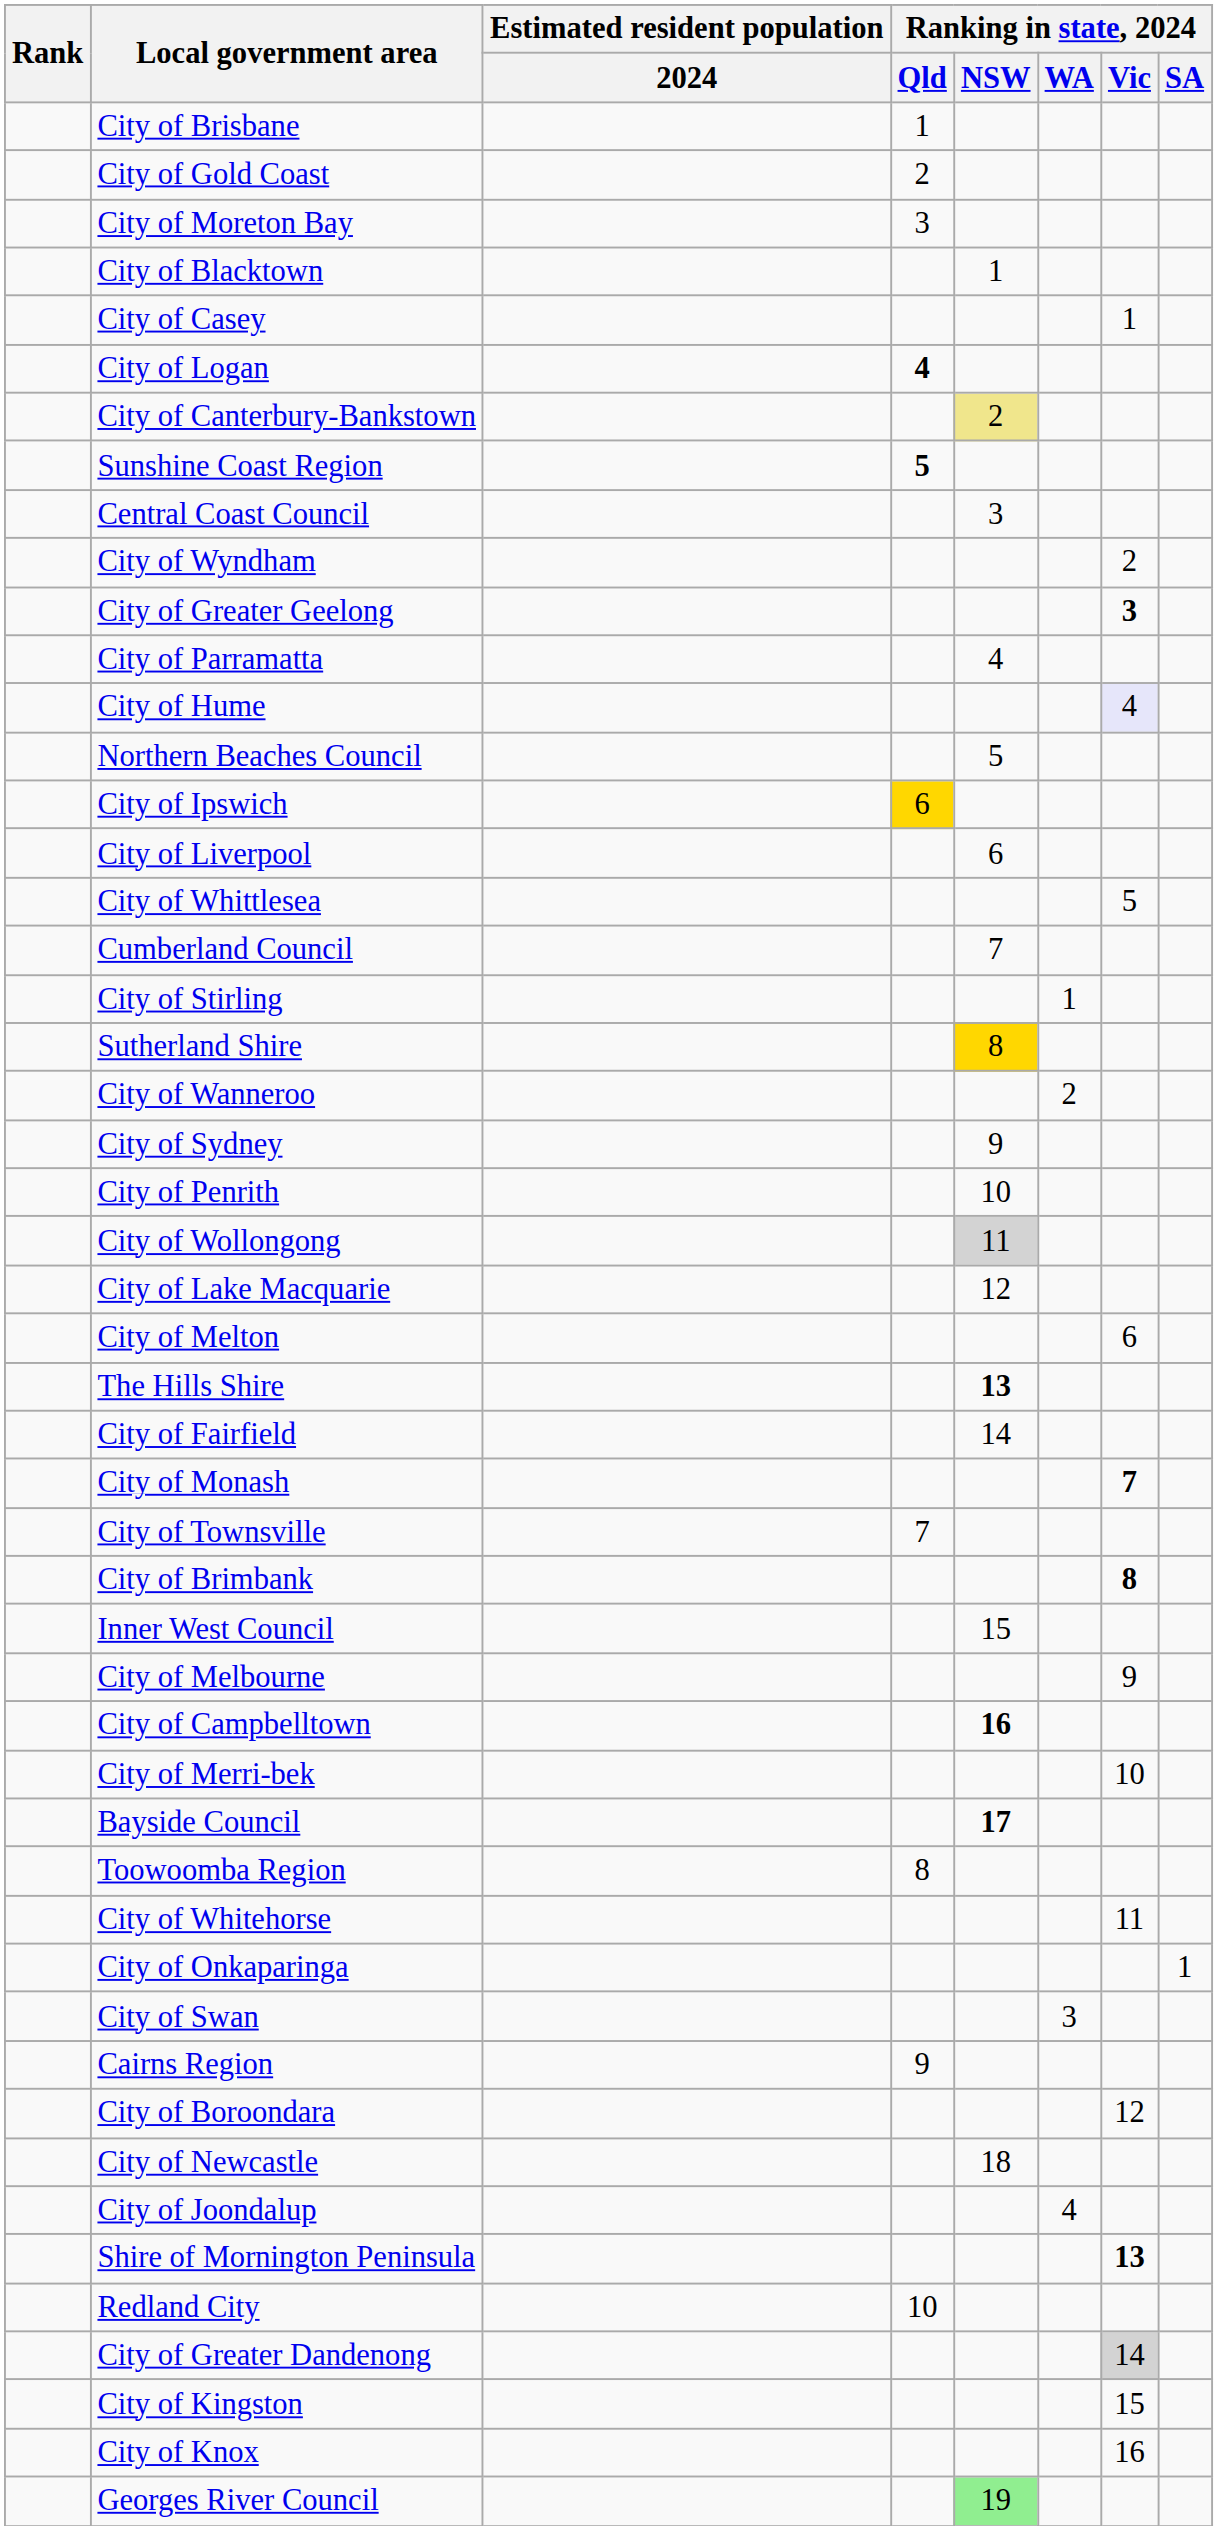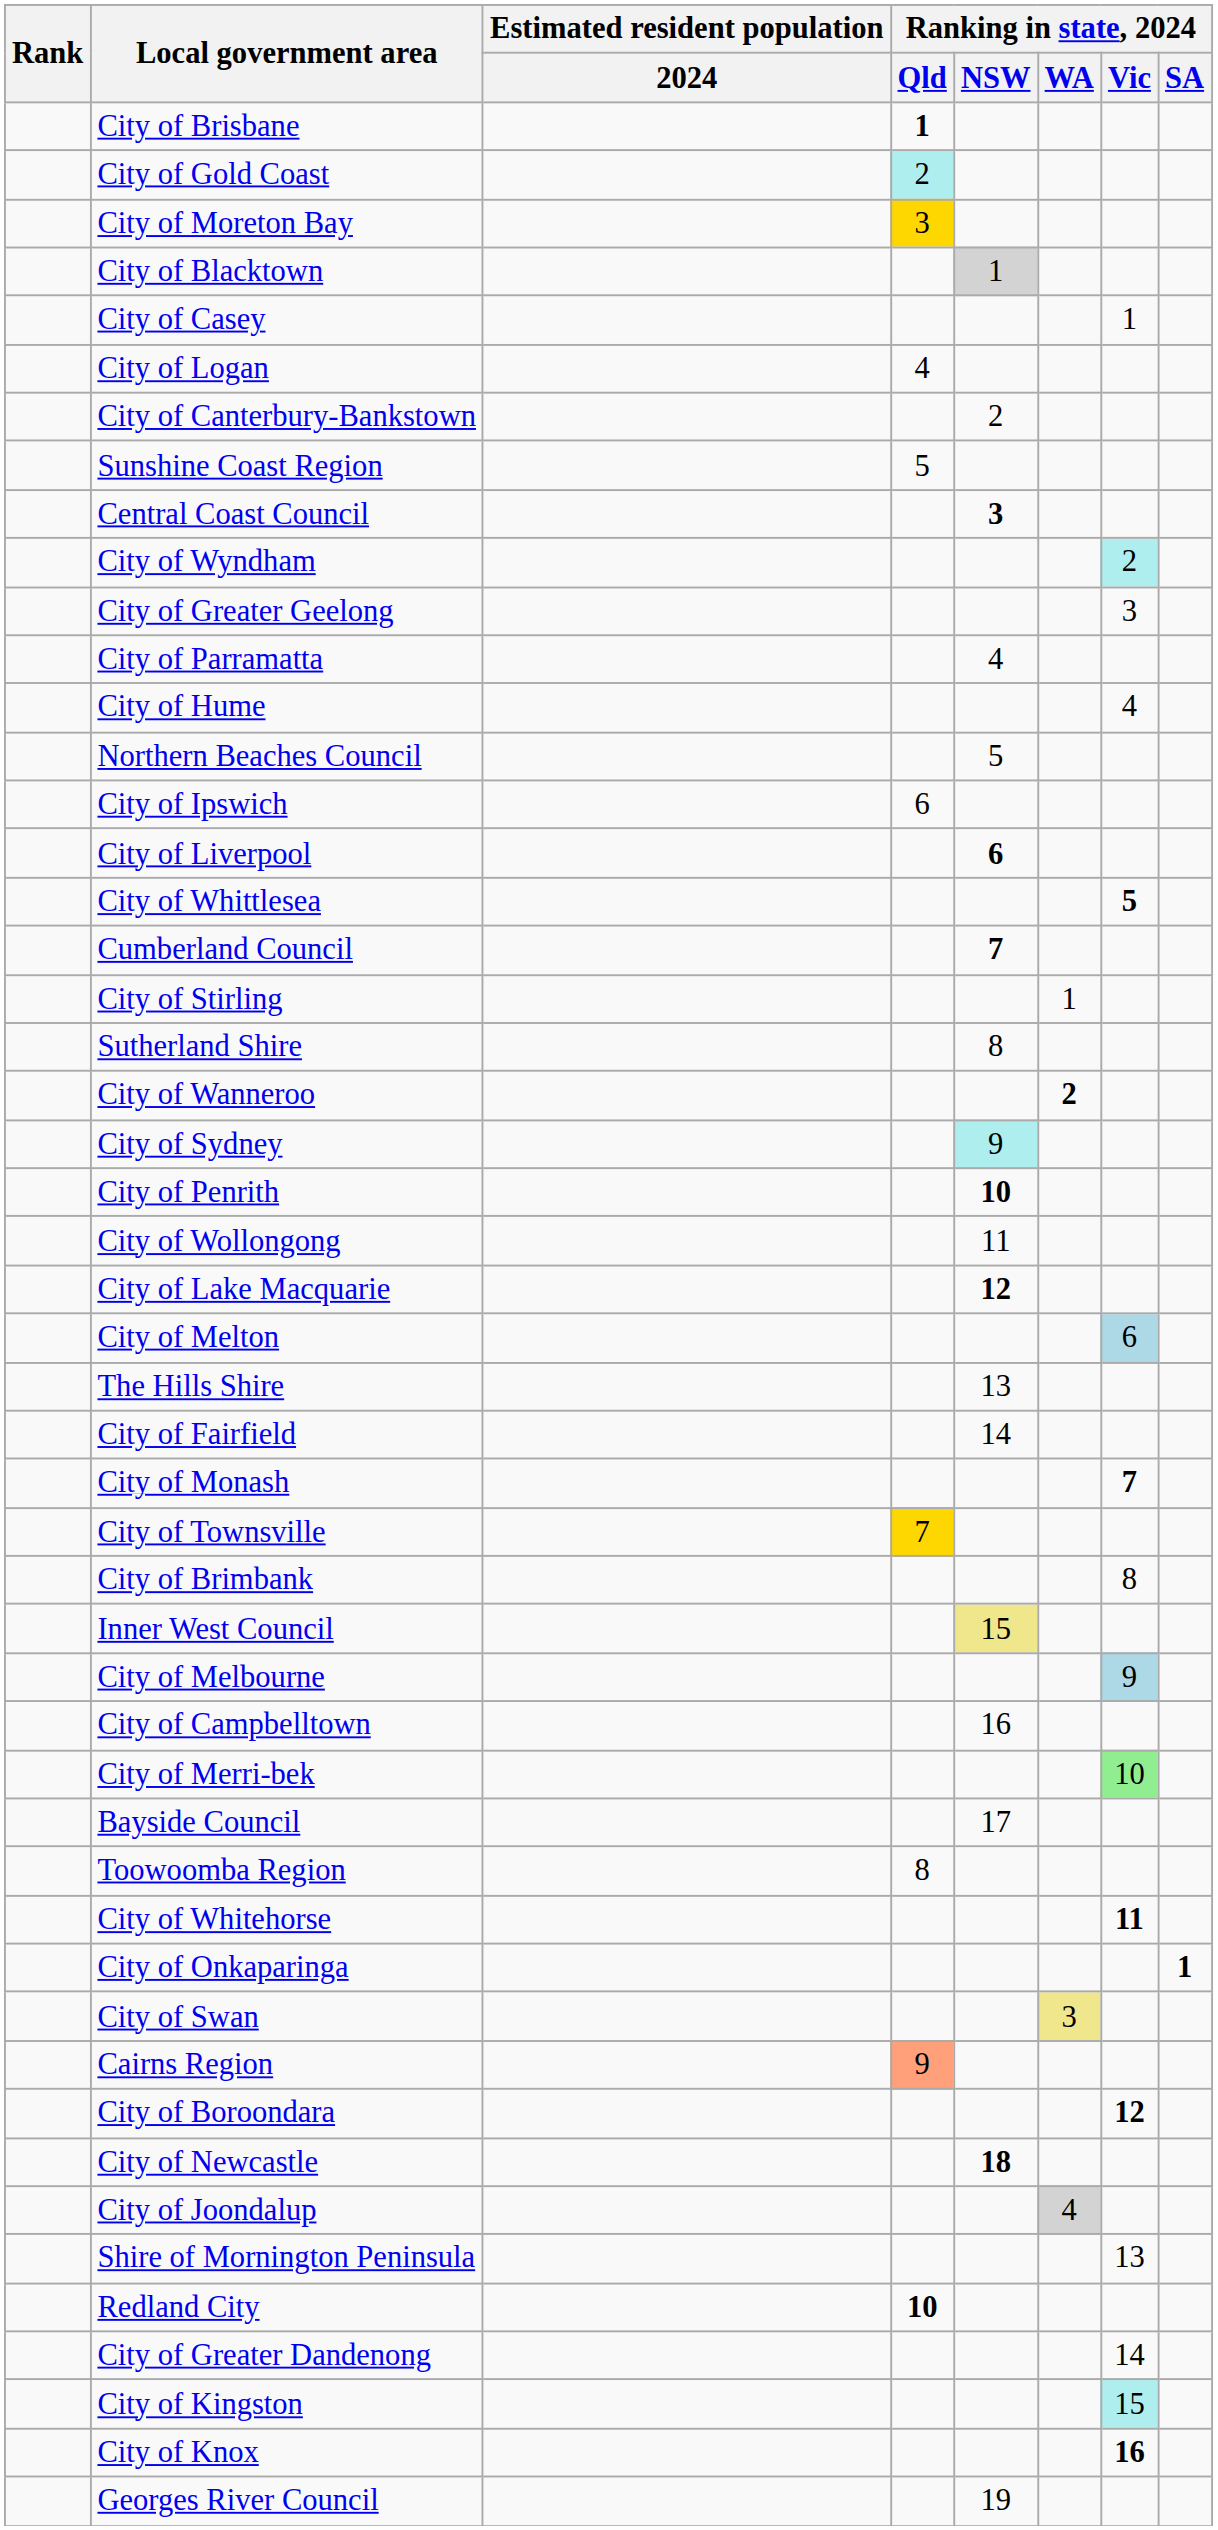 <table class="wikitable sortable plainrowheaders" style="text-align:center;">
 <tr>
 <th scope="col" colspan=1 rowspan=2>Rank</th>
 <th scope="col" rowspan=2>Local government area</th>
 <th scope="col" colspan=1>Estimated resident population</th>
 <th scope="col" colspan=5>Ranking in <a href='#'>state</a>, 2024</th>
 </tr>
 <tr>
 <th scope="col">2024</th>
 <th scope="col"><a href='#'>Qld</a></th>
 <th scope="col"><a href='#'>NSW</a></th>
 <th scope="col"><a href='#'>WA</a></th>
 <th scope="col"><a href='#'>Vic</a></th>
 <th scope="col"><a href='#'>SA</a></th>
 </tr>
 <tr>
 <td align="right"></td>
 <td align="left"><a href='#'>City of Brisbane</a></td>
 <td align="right"></td>
-<td>1</td>
+<td><strong>1</strong></td>
 <td></td>
 <td></td>
 <td></td>
 <td></td>
 </tr>
 <tr>
 <td align="right"></td>
 <td align="left"><a href='#'>City of Gold Coast</a></td>
 <td align="right"></td>
-<td>2</td>
+<td style="background: paleturquoise;">2</td>
 <td></td>
 <td></td>
 <td></td>
 <td></td>
 </tr>
 <tr>
 <td align="right"></td>
 <td align="left"><a href='#'>City of Moreton Bay</a></td>
 <td align="right"></td>
-<td>3</td>
+<td style="background: gold;">3</td>
 <td></td>
 <td></td>
 <td></td>
 <td></td>
 </tr>
 <tr>
 <td align="right"></td>
 <td align="left"><a href='#'>City of Blacktown</a></td>
 <td align="right"></td>
 <td></td>
-<td>1</td>
+<td style="background: lightgrey;">1</td>
 <td></td>
 <td></td>
 <td></td>
 </tr>
 <tr>
 <td align="right"></td>
 <td align="left"><a href='#'>City of Casey</a></td>
 <td align="right"></td>
 <td></td>
 <td></td>
 <td></td>
 <td>1</td>
 <td></td>
 </tr>
 <tr>
 <td align="right"></td>
 <td align="left"><a href='#'>City of Logan</a></td>
 <td align="right"></td>
-<td><strong>4</strong></td>
+<td>4</td>
 <td></td>
 <td></td>
 <td></td>
 <td></td>
 </tr>
 <tr>
 <td align="right"></td>
 <td align="left"><a href='#'>City of Canterbury-Bankstown</a></td>
 <td align="right"></td>
 <td></td>
-<td style="background: khaki;">2</td>
+<td>2</td>
 <td></td>
 <td></td>
 <td></td>
 </tr>
 <tr>
 <td align="right"></td>
 <td align="left"><a href='#'>Sunshine Coast Region</a></td>
 <td align="right"></td>
-<td><strong>5</strong></td>
+<td>5</td>
 <td></td>
 <td></td>
 <td></td>
 <td></td>
 </tr>
 <tr>
 <td align="right"></td>
 <td align="left"><a href='#'>Central Coast Council</a></td>
 <td align="right"></td>
 <td></td>
-<td>3</td>
+<td><strong>3</strong></td>
 <td></td>
 <td></td>
 <td></td>
 </tr>
 <tr>
 <td align="right"></td>
 <td align="left"><a href='#'>City of Wyndham</a></td>
 <td align="right"></td>
 <td></td>
 <td></td>
 <td></td>
-<td>2</td>
+<td style="background: paleturquoise;">2</td>
 <td></td>
 </tr>
 <tr>
 <td align="right"></td>
 <td align="left"><a href='#'>City of Greater Geelong</a></td>
 <td align="right"></td>
 <td></td>
 <td></td>
 <td></td>
-<td><strong>3</strong></td>
+<td>3</td>
 <td></td>
 </tr>
 <tr>
 <td align="right"></td>
 <td align="left"><a href='#'>City of Parramatta</a></td>
 <td align="right"></td>
 <td></td>
 <td>4</td>
 <td></td>
 <td></td>
 <td></td>
 </tr>
 <tr>
 <td align="right"></td>
 <td align="left"><a href='#'>City of Hume</a></td>
 <td align="right"></td>
 <td></td>
 <td></td>
 <td></td>
-<td style="background: lavender;">4</td>
+<td>4</td>
 <td></td>
 </tr>
 <tr>
 <td align="right"></td>
 <td align="left"><a href='#'>Northern Beaches Council</a></td>
 <td align="right"></td>
 <td></td>
 <td>5</td>
 <td></td>
 <td></td>
 <td></td>
 </tr>
 <tr>
 <td align="right"></td>
 <td align="left"><a href='#'>City of Ipswich</a></td>
 <td align="right"></td>
-<td style="background: gold;">6</td>
+<td>6</td>
 <td></td>
 <td></td>
 <td></td>
 <td></td>
 </tr>
 <tr>
 <td align="right"></td>
 <td align="left"><a href='#'>City of Liverpool</a></td>
 <td align="right"></td>
 <td></td>
-<td>6</td>
+<td><strong>6</strong></td>
 <td></td>
 <td></td>
 <td></td>
 </tr>
 <tr>
 <td align="right"></td>
 <td align="left"><a href='#'>City of Whittlesea</a></td>
 <td align="right"></td>
 <td></td>
 <td></td>
 <td></td>
-<td>5</td>
+<td><strong>5</strong></td>
 <td></td>
 </tr>
 <tr>
 <td align="right"></td>
 <td align="left"><a href='#'>Cumberland Council</a></td>
 <td align="right"></td>
 <td></td>
-<td>7</td>
+<td><strong>7</strong></td>
 <td></td>
 <td></td>
 <td></td>
 </tr>
 <tr>
 <td align="right"></td>
 <td align="left"><a href='#'>City of Stirling</a></td>
 <td align="right"></td>
 <td></td>
 <td></td>
 <td>1</td>
 <td></td>
 <td></td>
 </tr>
 <tr>
 <td align="right"></td>
 <td align="left"><a href='#'>Sutherland Shire</a></td>
 <td align="right"></td>
 <td></td>
-<td style="background: gold;">8</td>
+<td>8</td>
 <td></td>
 <td></td>
 <td></td>
 </tr>
 <tr>
 <td align="right"></td>
 <td align="left"><a href='#'>City of Wanneroo</a></td>
 <td align="right"></td>
 <td></td>
 <td></td>
-<td>2</td>
+<td><strong>2</strong></td>
 <td></td>
 <td></td>
 </tr>
 <tr>
 <td align="right"></td>
 <td align="left"><a href='#'>City of Sydney</a></td>
 <td align="right"></td>
 <td></td>
-<td>9</td>
+<td style="background: paleturquoise;">9</td>
 <td></td>
 <td></td>
 <td></td>
 </tr>
 <tr>
 <td align="right"></td>
 <td align="left"><a href='#'>City of Penrith</a></td>
 <td align="right"></td>
 <td></td>
-<td>10</td>
+<td><strong>10</strong></td>
 <td></td>
 <td></td>
 <td></td>
 </tr>
 <tr>
 <td align="right"></td>
 <td align="left"><a href='#'>City of Wollongong</a></td>
 <td align="right"></td>
 <td></td>
-<td style="background: lightgrey;">11</td>
+<td>11</td>
 <td></td>
 <td></td>
 <td></td>
 </tr>
 <tr>
 <td align="right"></td>
 <td align="left"><a href='#'>City of Lake Macquarie</a></td>
 <td align="right"></td>
 <td></td>
-<td>12</td>
+<td><strong>12</strong></td>
 <td></td>
 <td></td>
 <td></td>
 </tr>
 <tr>
 <td align="right"></td>
 <td align="left"><a href='#'>City of Melton</a></td>
 <td align="right"></td>
 <td></td>
 <td></td>
 <td></td>
-<td>6</td>
+<td style="background: lightblue;">6</td>
 <td></td>
 </tr>
 <tr>
 <td align="right"></td>
 <td align="left"><a href='#'>The Hills Shire</a></td>
 <td align="right"></td>
 <td></td>
-<td><strong>13</strong></td>
+<td>13</td>
 <td></td>
 <td></td>
 <td></td>
 </tr>
 <tr>
 <td align="right"></td>
 <td align="left"><a href='#'>City of Fairfield</a></td>
 <td align="right"></td>
 <td></td>
 <td>14</td>
 <td></td>
 <td></td>
 <td></td>
 </tr>
 <tr>
 <td align="right"></td>
 <td align="left"><a href='#'>City of Monash</a></td>
 <td align="right"></td>
 <td></td>
 <td></td>
 <td></td>
 <td><strong>7</strong></td>
 <td></td>
 </tr>
 <tr>
 <td align="right"></td>
 <td align="left"><a href='#'>City of Townsville</a></td>
 <td align="right"></td>
-<td>7</td>
+<td style="background: gold;">7</td>
 <td></td>
 <td></td>
 <td></td>
 <td></td>
 </tr>
 <tr>
 <td align="right"></td>
 <td align="left"><a href='#'>City of Brimbank</a></td>
 <td align="right"></td>
 <td></td>
 <td></td>
 <td></td>
-<td><strong>8</strong></td>
+<td>8</td>
 <td></td>
 </tr>
 <tr>
 <td align="right"></td>
 <td align="left"><a href='#'>Inner West Council</a></td>
 <td align="right"></td>
 <td></td>
-<td>15</td>
+<td style="background: khaki;">15</td>
 <td></td>
 <td></td>
 <td></td>
 </tr>
 <tr>
 <td align="right"></td>
 <td align="left"><a href='#'>City of Melbourne</a></td>
 <td align="right"></td>
 <td></td>
 <td></td>
 <td></td>
-<td>9</td>
+<td style="background: lightblue;">9</td>
 <td></td>
 </tr>
 <tr>
 <td align="right"></td>
 <td align="left"><a href='#'>City of Campbelltown</a></td>
 <td align="right"></td>
 <td></td>
-<td><strong>16</strong></td>
+<td>16</td>
 <td></td>
 <td></td>
 <td></td>
 </tr>
 <tr>
 <td align="right"></td>
 <td align="left"><a href='#'>City of Merri-bek</a></td>
 <td align="right"></td>
 <td></td>
 <td></td>
 <td></td>
-<td>10</td>
+<td style="background: lightgreen;">10</td>
 <td></td>
 </tr>
 <tr>
 <td align="right"></td>
 <td align="left"><a href='#'>Bayside Council</a></td>
 <td align="right"></td>
 <td></td>
-<td><strong>17</strong></td>
+<td>17</td>
 <td></td>
 <td></td>
 <td></td>
 </tr>
 <tr>
 <td align="right"></td>
 <td align="left"><a href='#'>Toowoomba Region</a></td>
 <td align="right"></td>
 <td>8</td>
 <td></td>
 <td></td>
 <td></td>
 <td></td>
 </tr>
 <tr>
 <td align="right"></td>
 <td align="left"><a href='#'>City of Whitehorse</a></td>
 <td align="right"></td>
 <td></td>
 <td></td>
 <td></td>
-<td>11</td>
+<td><strong>11</strong></td>
 <td></td>
 </tr>
 <tr>
 <td align="right"></td>
 <td align="left"><a href='#'>City of Onkaparinga</a></td>
 <td align="right"></td>
 <td></td>
 <td></td>
 <td></td>
 <td></td>
-<td>1</td>
+<td><strong>1</strong></td>
 </tr>
 <tr>
 <td align="right"></td>
 <td align="left"><a href='#'>City of Swan</a></td>
 <td align="right"></td>
 <td></td>
 <td></td>
-<td>3</td>
+<td style="background: khaki;">3</td>
 <td></td>
 <td></td>
 </tr>
 <tr>
 <td align="right"></td>
 <td align="left"><a href='#'>Cairns Region</a></td>
 <td align="right"></td>
-<td>9</td>
+<td style="background: lightsalmon;">9</td>
 <td></td>
 <td></td>
 <td></td>
 <td></td>
 </tr>
 <tr>
 <td align="right"></td>
 <td align="left"><a href='#'>City of Boroondara</a></td>
 <td align="right"></td>
 <td></td>
 <td></td>
 <td></td>
-<td>12</td>
+<td><strong>12</strong></td>
 <td></td>
 </tr>
 <tr>
 <td align="right"></td>
 <td align="left"><a href='#'>City of Newcastle</a></td>
 <td align="right"></td>
 <td></td>
-<td>18</td>
+<td><strong>18</strong></td>
 <td></td>
 <td></td>
 <td></td>
 </tr>
 <tr>
 <td align="right"></td>
 <td align="left"><a href='#'>City of Joondalup</a></td>
 <td align="right"></td>
 <td></td>
 <td></td>
-<td>4</td>
+<td style="background: lightgrey;">4</td>
 <td></td>
 <td></td>
 </tr>
 <tr>
 <td align="right"></td>
 <td align="left"><a href='#'>Shire of Mornington Peninsula</a></td>
 <td align="right"></td>
 <td></td>
 <td></td>
 <td></td>
-<td><strong>13</strong></td>
+<td>13</td>
 <td></td>
 </tr>
 <tr>
 <td align="right"></td>
 <td align="left"><a href='#'>Redland City</a></td>
 <td align="right"></td>
-<td>10</td>
+<td><strong>10</strong></td>
 <td></td>
 <td></td>
 <td></td>
 <td></td>
 </tr>
 <tr>
 <td align="right"></td>
 <td align="left"><a href='#'>City of Greater Dandenong</a></td>
 <td align="right"></td>
 <td></td>
 <td></td>
 <td></td>
-<td style="background: lightgrey;">14</td>
+<td>14</td>
 <td></td>
 </tr>
 <tr>
 <td align="right"></td>
 <td align="left"><a href='#'>City of Kingston</a></td>
 <td align="right"></td>
 <td></td>
 <td></td>
 <td></td>
-<td>15</td>
+<td style="background: paleturquoise;">15</td>
 <td></td>
 </tr>
 <tr>
 <td align="right"></td>
 <td align="left"><a href='#'>City of Knox</a></td>
 <td align="right"></td>
 <td></td>
 <td></td>
 <td></td>
-<td>16</td>
+<td><strong>16</strong></td>
 <td></td>
 </tr>
 <tr>
 <td align="right"></td>
 <td align="left"><a href='#'>Georges River Council</a></td>
 <td align="right"></td>
 <td></td>
-<td style="background: lightgreen;">19</td>
+<td>19</td>
 <td></td>
 <td></td>
 <td></td>
 </tr>
 </table>
